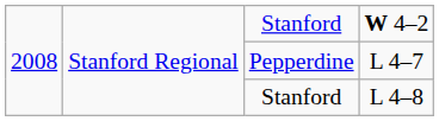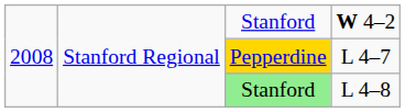 <table class="wikitable style="text-align:center;">
 <tr style="text-align:center;">
 <td rowspan="3"><a href='#'>2008</a></td>
 <td rowspan="3"><a href='#'>Stanford Regional</a></td>
 <td><a href='#'>Stanford</a></td>
 <td><strong>W</strong> 4–2</td>
 </tr>
 <tr style="text-align:center;">
-<td><a href='#'>Pepperdine</a></td>
+<td style="background: gold;"><a href='#'>Pepperdine</a></td>
 <td>L 4–7</td>
 </tr>
 <tr style="text-align:center;">
-<td>Stanford</td>
+<td style="background: lightgreen;">Stanford</td>
 <td>L 4–8</td>
 </tr>
 </table>
